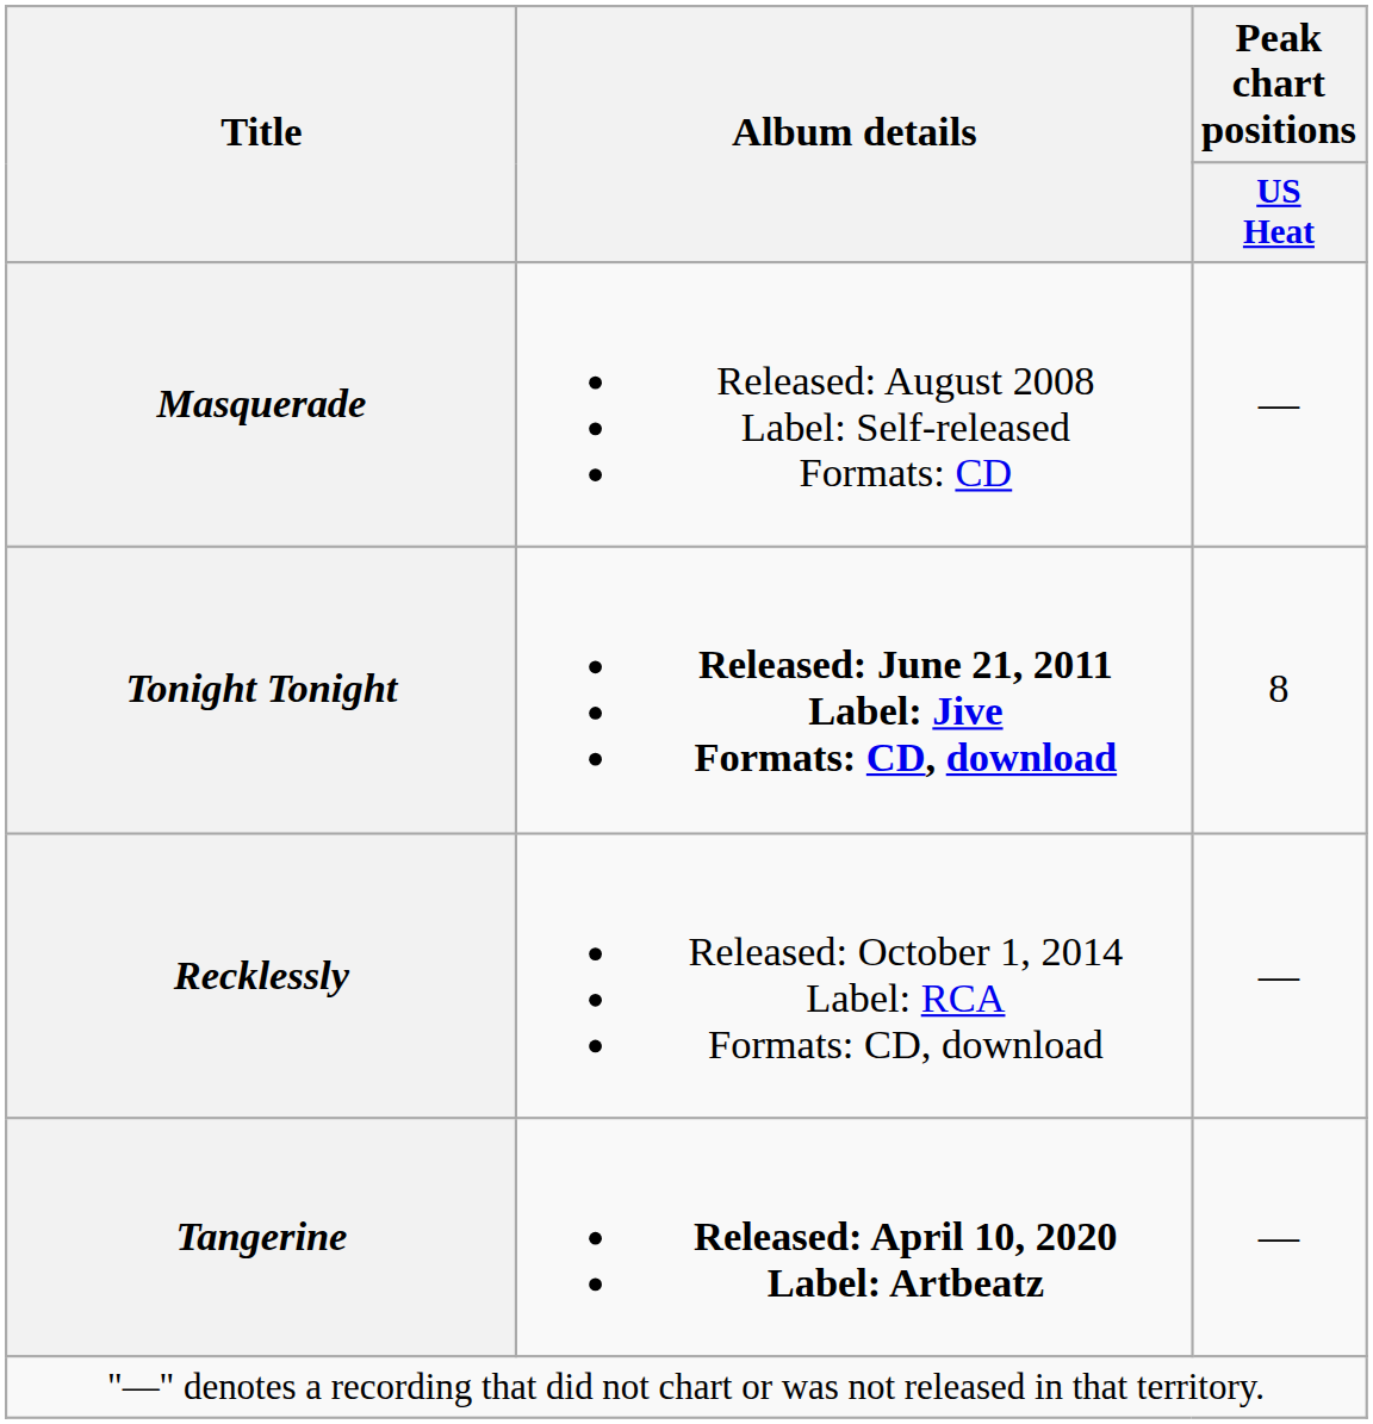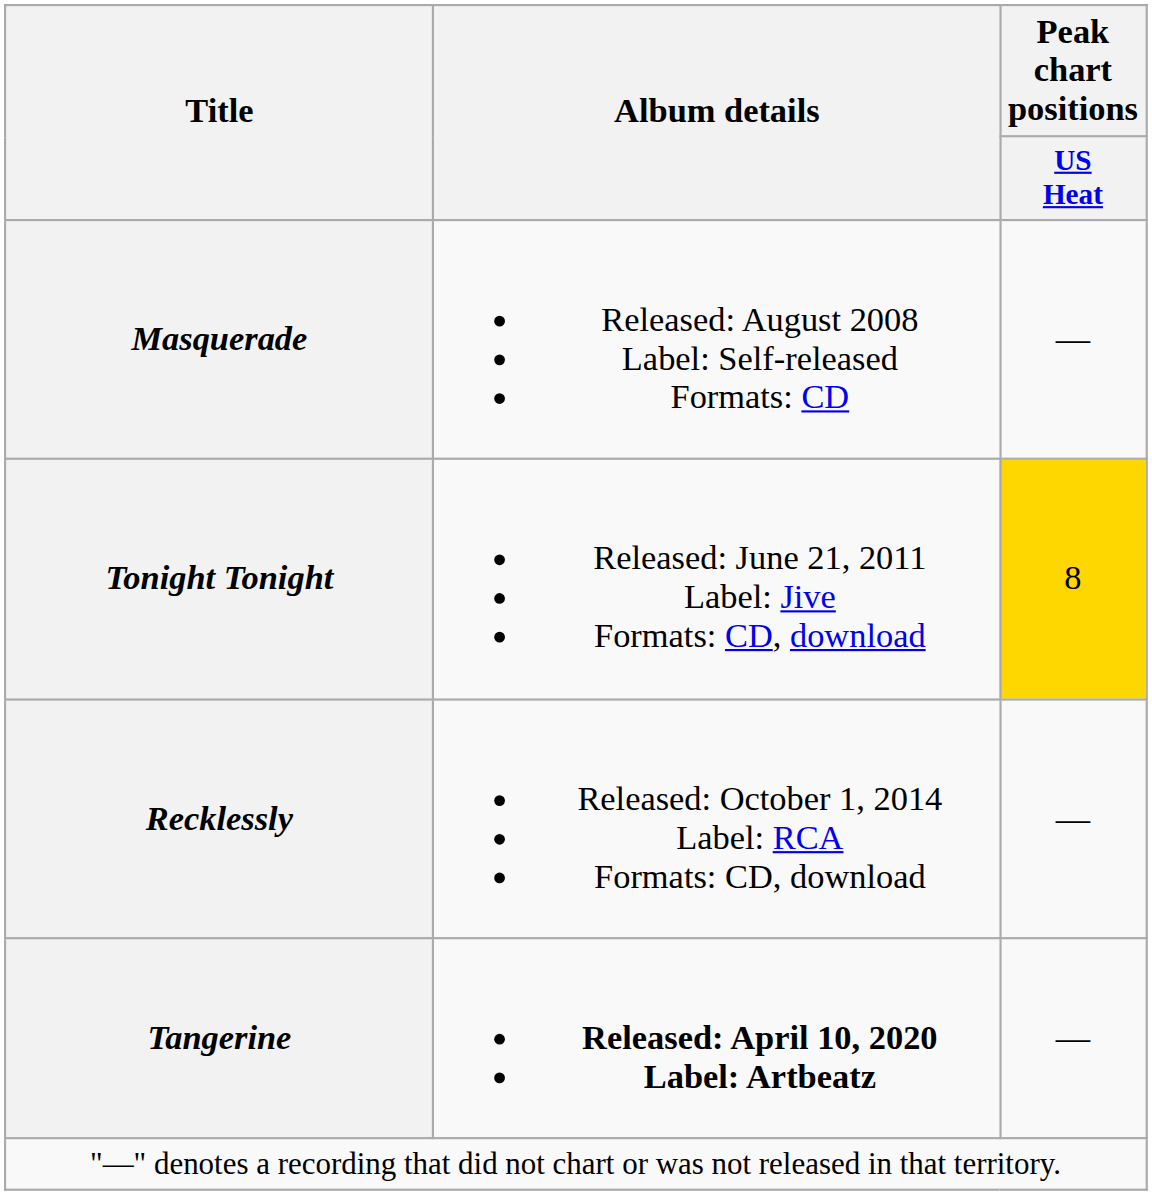 <table class="wikitable plainrowheaders" style="text-align:center;">
 <tr>
 <th scope="col" rowspan="2" style="width:12em;">Title</th>
 <th scope="col" rowspan="2" style="width:16em;">Album details</th>
 <th scope="col" colspan="1">Peak chart positions</th>
 </tr>
 <tr>
 <th scope="col" style="width:3em;font-size:85%;"><a href='#'>US<br>Heat</a><br></th>
 </tr>
 <tr>
 <th scope="row"><em>Masquerade</em><br></th>
 <td><br><ul><li>Released: August 2008</li><li>Label: Self-released</li><li>Formats: <a href='#'>CD</a></li></ul></td>
 <td>—</td>
 </tr>
 <tr>
 <th scope="row"><em>Tonight Tonight</em></th>
-<td><strong><br><ul><li>Released: June 21, 2011</li><li>Label: <a href='#'>Jive</a></li><li>Formats: <a href='#'>CD</a>, <a href='#'>download</a></li></ul></strong></td>
-<td>8</td>
+<td><br><ul><li>Released: June 21, 2011</li><li>Label: <a href='#'>Jive</a></li><li>Formats: <a href='#'>CD</a>, <a href='#'>download</a></li></ul></td>
+<td style="background: gold;">8</td>
 </tr>
 <tr>
 <th scope="row"><em>Recklessly</em></th>
 <td><br><ul><li>Released: October 1, 2014</li><li>Label: <a href='#'>RCA</a></li><li>Formats: CD, download</li></ul></td>
 <td>—</td>
 </tr>
 <tr>
 <th scope="row"><em>Tangerine</em></th>
 <td><strong><br><ul><li>Released: April 10, 2020</li><li>Label: Artbeatz</li></ul></strong></td>
 <td>—</td>
 </tr>
 <tr>
 <td colspan="8" style="font-size:90%">"—" denotes a recording that did not chart or was not released in that territory.</td>
 </tr>
 </table>
